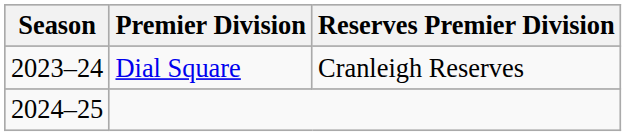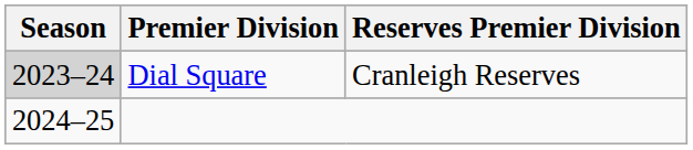 <table class="wikitable" style="textalign-center">
 <tr>
 <th>Season</th>
 <th>Premier Division</th>
 <th>Reserves Premier Division</th>
 </tr>
 <tr>
-<td>2023–24</td>
+<td style="background: lightgrey;">2023–24</td>
 <td><a href='#'>Dial Square</a></td>
 <td>Cranleigh Reserves</td>
 </tr>
 <tr>
 <td>2024–25</td>
 </tr>
 </table>
